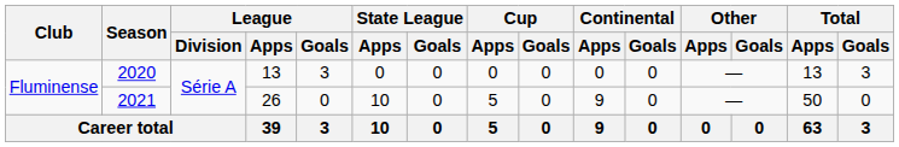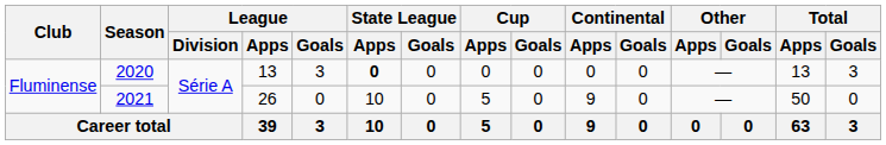 <table class="wikitable" style="text-align: center">
 <tr>
 <th rowspan="2">Club</th>
 <th rowspan="2">Season</th>
 <th colspan="3">League</th>
 <th colspan="2">State League</th>
 <th colspan="2">Cup</th>
 <th colspan="2">Continental</th>
 <th colspan="2">Other</th>
 <th colspan="2">Total</th>
 </tr>
 <tr>
 <th>Division</th>
 <th>Apps</th>
 <th>Goals</th>
 <th>Apps</th>
 <th>Goals</th>
 <th>Apps</th>
 <th>Goals</th>
 <th>Apps</th>
 <th>Goals</th>
 <th>Apps</th>
 <th>Goals</th>
 <th>Apps</th>
 <th>Goals</th>
 </tr>
 <tr>
 <td rowspan="2"><a href='#'>Fluminense</a></td>
 <td><a href='#'>2020</a></td>
 <td rowspan="2"><a href='#'>Série A</a></td>
 <td>13</td>
 <td>3</td>
-<td>0</td>
+<td><strong>0</strong></td>
 <td>0</td>
 <td>0</td>
 <td>0</td>
 <td>0</td>
 <td>0</td>
 <td colspan="2">—</td>
 <td>13</td>
 <td>3</td>
 </tr>
 <tr>
 <td><a href='#'>2021</a></td>
 <td>26</td>
 <td>0</td>
 <td>10</td>
 <td>0</td>
 <td>5</td>
 <td>0</td>
 <td>9</td>
 <td>0</td>
 <td colspan="2">—</td>
 <td>50</td>
 <td>0</td>
 </tr>
 <tr>
 <th colspan="3"><strong>Career total</strong></th>
 <th>39</th>
 <th>3</th>
 <th>10</th>
 <th>0</th>
 <th>5</th>
 <th>0</th>
 <th>9</th>
 <th>0</th>
 <th>0</th>
 <th>0</th>
 <th>63</th>
 <th>3</th>
 </tr>
 </table>
